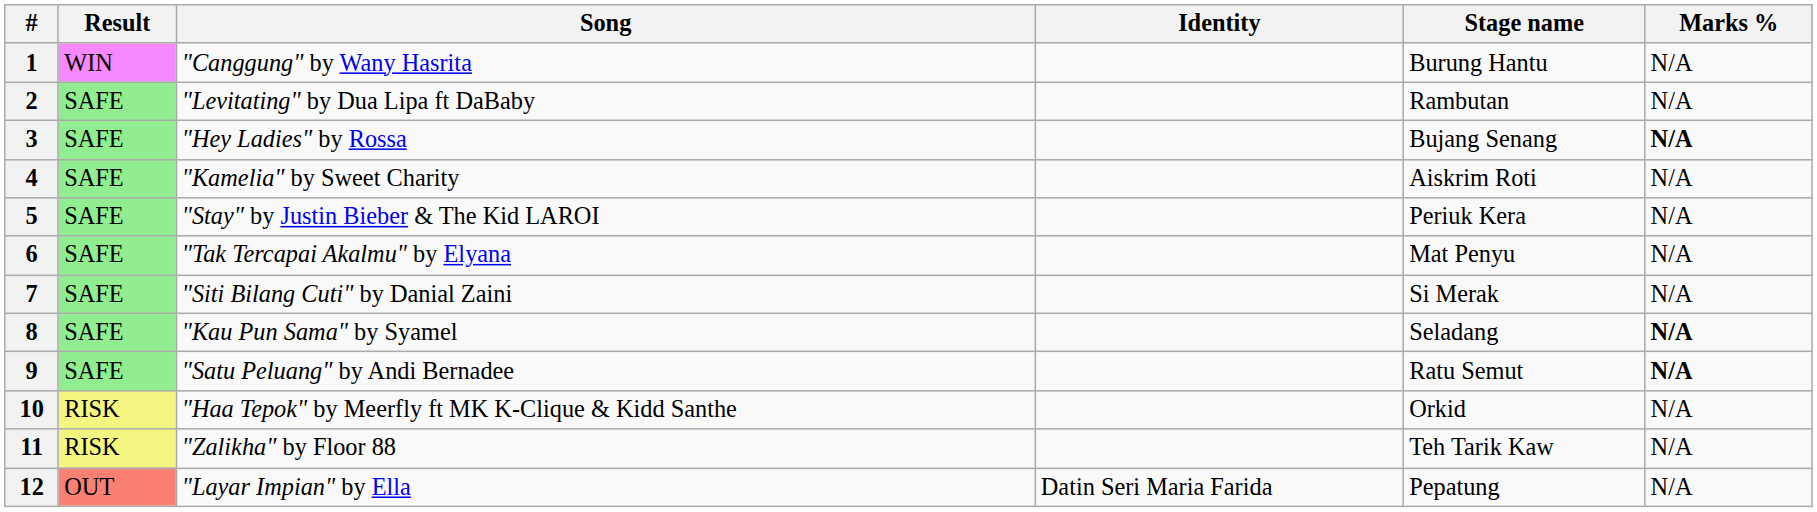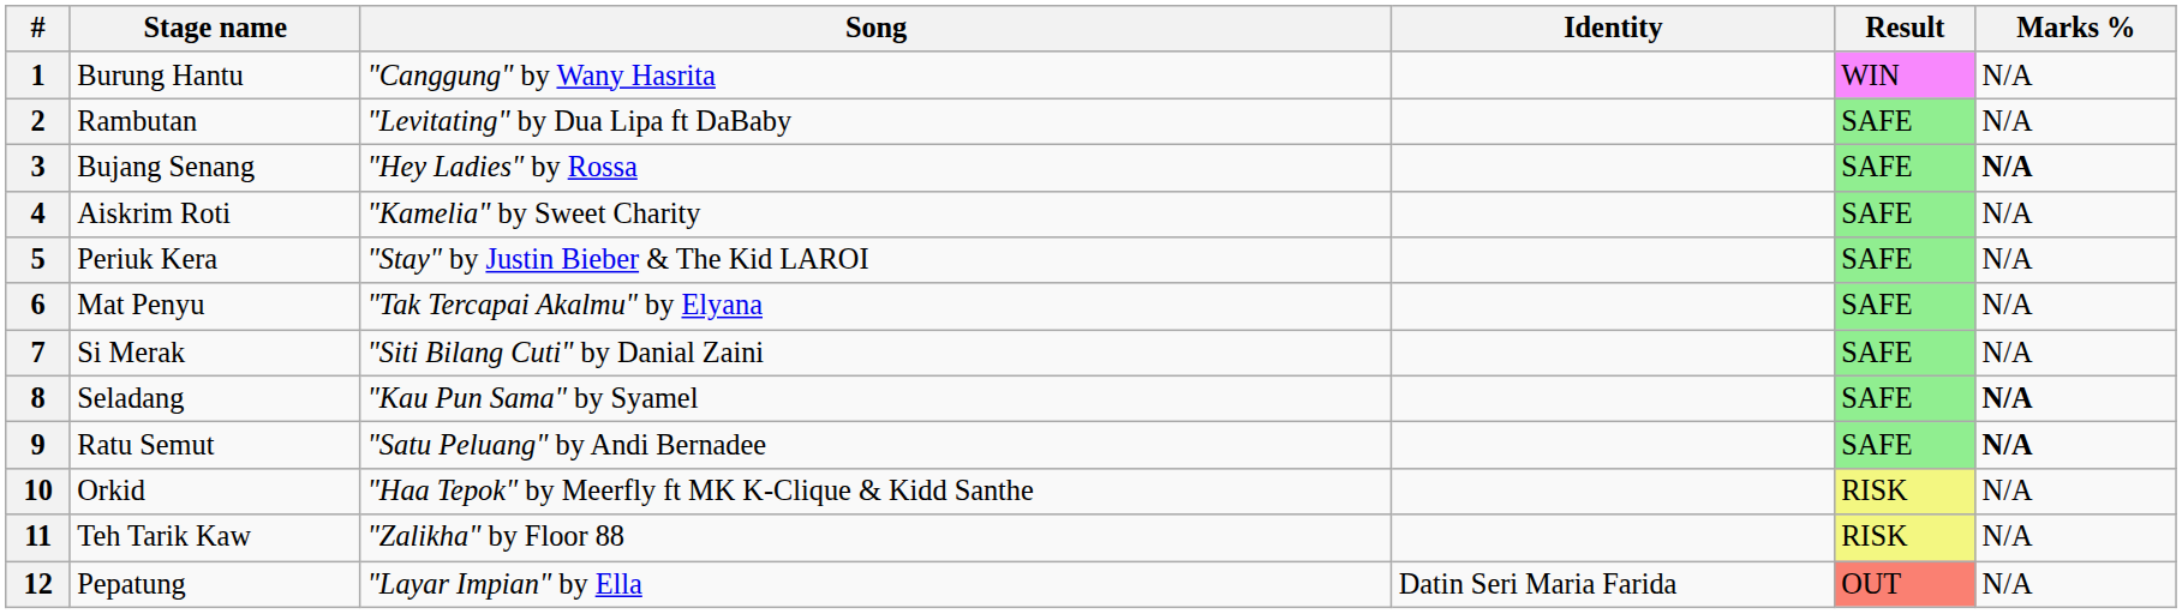 <table class="wikitable plainrowheaders" style="width: 60%; style=text-align: center;">
 <tr>
 <th>#</th>
-<th>Result</th>
+<th>Stage name</th>
 <th>Song</th>
 <th>Identity</th>
-<th>Stage name</th>
+<th>Result</th>
 <th>Marks %</th>
 </tr>
 <tr>
 <th>1</th>
-<td bgcolor=#F888FD>WIN</td>
+<td>Burung Hantu</td>
 <td><em>"Canggung"</em> by <a href='#'>Wany Hasrita</a></td>
 <td></td>
-<td>Burung Hantu</td>
+<td bgcolor=#F888FD>WIN</td>
 <td>N/A</td>
 </tr>
 <tr>
 <th>2</th>
-<td bgcolor="lightgreen">SAFE</td>
+<td>Rambutan</td>
 <td><em>"Levitating"</em> by Dua Lipa ft DaBaby</td>
 <td></td>
-<td>Rambutan</td>
+<td bgcolor="lightgreen">SAFE</td>
 <td>N/A</td>
 </tr>
 <tr>
 <th>3</th>
-<td bgcolor="lightgreen">SAFE</td>
+<td>Bujang Senang</td>
 <td><em>"Hey Ladies"</em> by <a href='#'>Rossa</a></td>
 <td></td>
-<td>Bujang Senang</td>
+<td bgcolor="lightgreen">SAFE</td>
 <td><strong>N/A</strong></td>
 </tr>
 <tr>
 <th>4</th>
-<td bgcolor="lightgreen">SAFE</td>
+<td>Aiskrim Roti</td>
 <td><em>"Kamelia"</em> by Sweet Charity</td>
 <td></td>
-<td>Aiskrim Roti</td>
+<td bgcolor="lightgreen">SAFE</td>
 <td>N/A</td>
 </tr>
 <tr>
 <th>5</th>
-<td bgcolor="lightgreen">SAFE</td>
+<td>Periuk Kera</td>
 <td><em>"Stay"</em> by <a href='#'>Justin Bieber</a> & The Kid LAROI</td>
 <td></td>
-<td>Periuk Kera</td>
+<td bgcolor="lightgreen">SAFE</td>
 <td>N/A</td>
 </tr>
 <tr>
 <th>6</th>
-<td bgcolor="lightgreen">SAFE</td>
+<td>Mat Penyu</td>
 <td><em>"Tak Tercapai Akalmu"</em> by <a href='#'>Elyana</a></td>
 <td></td>
-<td>Mat Penyu</td>
+<td bgcolor="lightgreen">SAFE</td>
 <td>N/A</td>
 </tr>
 <tr>
 <th>7</th>
-<td bgcolor="lightgreen">SAFE</td>
+<td>Si Merak</td>
 <td><em>"Siti Bilang Cuti"</em> by Danial Zaini</td>
 <td></td>
-<td>Si Merak</td>
+<td bgcolor="lightgreen">SAFE</td>
 <td>N/A</td>
 </tr>
 <tr>
 <th>8</th>
-<td bgcolor="lightgreen">SAFE</td>
+<td>Seladang</td>
 <td><em>"Kau Pun Sama"</em> by Syamel</td>
 <td></td>
-<td>Seladang</td>
+<td bgcolor="lightgreen">SAFE</td>
 <td><strong>N/A</strong></td>
 </tr>
 <tr>
 <th>9</th>
-<td bgcolor="lightgreen">SAFE</td>
+<td>Ratu Semut</td>
 <td><em>"Satu Peluang"</em> by Andi Bernadee</td>
 <td></td>
-<td>Ratu Semut</td>
+<td bgcolor="lightgreen">SAFE</td>
 <td><strong>N/A</strong></td>
 </tr>
 <tr>
 <th>10</th>
-<td bgcolor=#F3F781>RISK</td>
+<td>Orkid</td>
 <td><em>"Haa Tepok"</em> by Meerfly ft MK K-Clique & Kidd Santhe</td>
 <td></td>
-<td>Orkid</td>
+<td bgcolor=#F3F781>RISK</td>
 <td>N/A</td>
 </tr>
 <tr>
 <th>11</th>
-<td bgcolor=#F3F781>RISK</td>
+<td>Teh Tarik Kaw</td>
 <td><em>"Zalikha"</em> by Floor 88</td>
 <td></td>
-<td>Teh Tarik Kaw</td>
+<td bgcolor=#F3F781>RISK</td>
 <td>N/A</td>
 </tr>
 <tr>
 <th>12</th>
-<td bgcolor=salmon>OUT</td>
+<td>Pepatung</td>
 <td><em>"Layar Impian"</em> by <a href='#'>Ella</a></td>
 <td>Datin Seri Maria Farida</td>
-<td>Pepatung</td>
+<td bgcolor=salmon>OUT</td>
 <td>N/A</td>
 </tr>
 </table>
